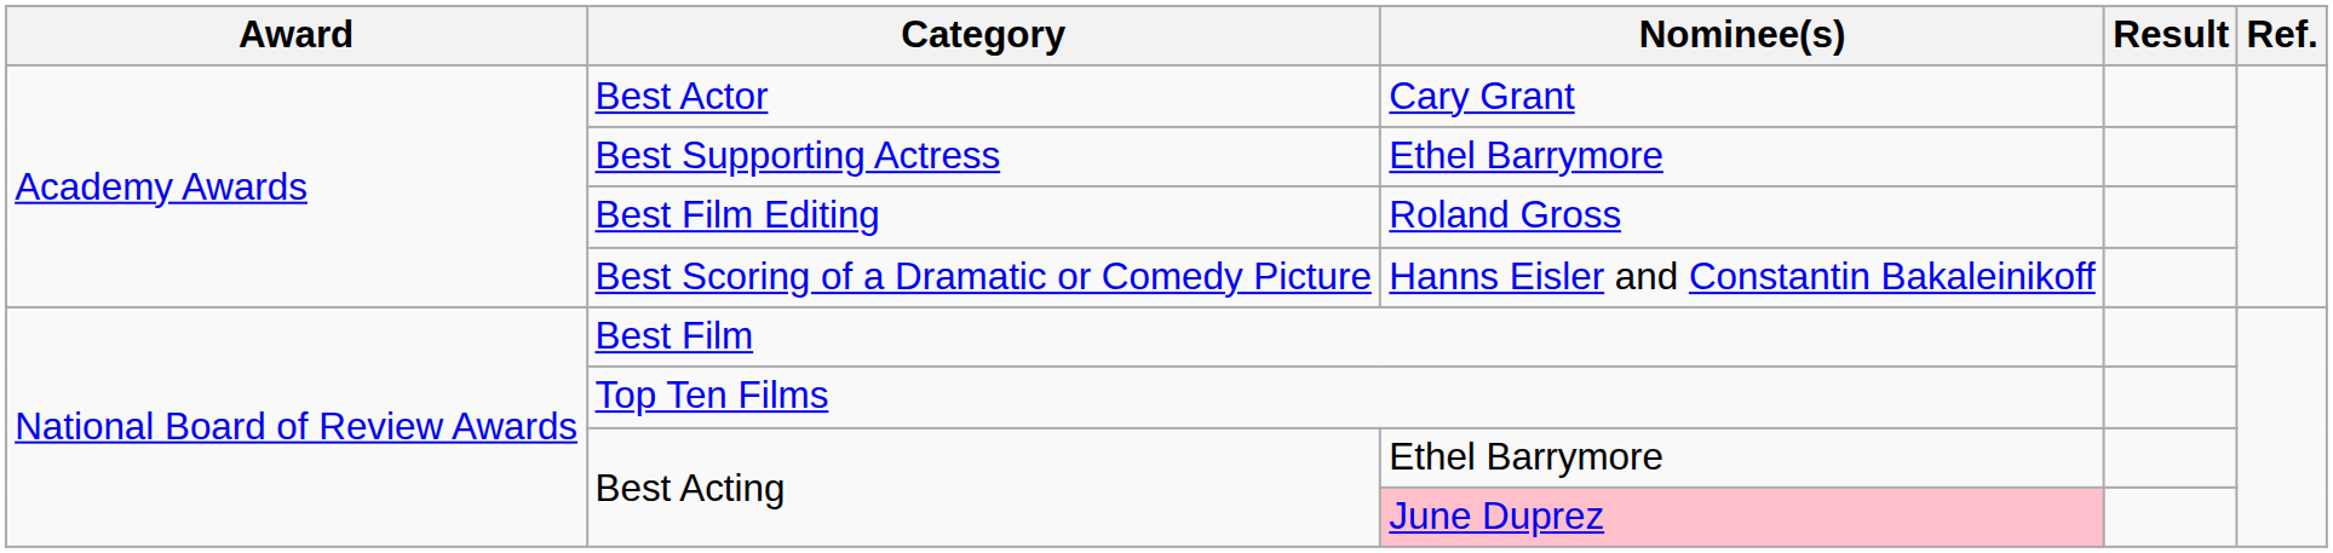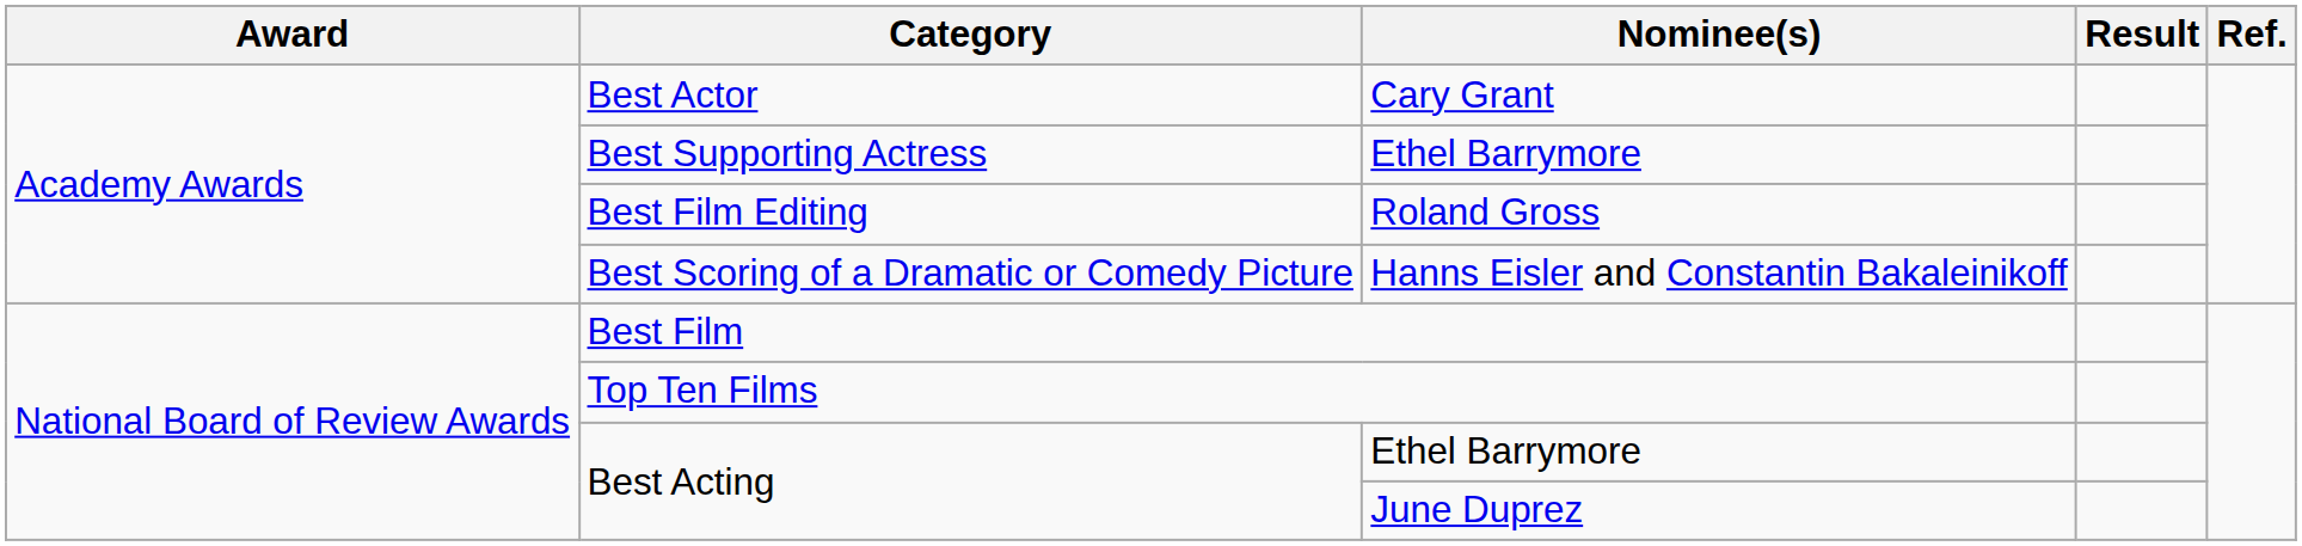 <table class="wikitable plainrowheaders">
 <tr>
 <th>Award</th>
 <th>Category</th>
 <th>Nominee(s)</th>
 <th>Result</th>
 <th>Ref.</th>
 </tr>
 <tr>
 <td rowspan="4"><a href='#'>Academy Awards</a></td>
 <td><a href='#'>Best Actor</a></td>
 <td><a href='#'>Cary Grant</a></td>
 <td></td>
 <td align="center" rowspan="4"></td>
 </tr>
 <tr>
 <td><a href='#'>Best Supporting Actress</a></td>
 <td><a href='#'>Ethel Barrymore</a></td>
 <td></td>
 </tr>
 <tr>
 <td><a href='#'>Best Film Editing</a></td>
 <td><a href='#'>Roland Gross</a></td>
 <td></td>
 </tr>
 <tr>
 <td><a href='#'>Best Scoring of a Dramatic or Comedy Picture</a></td>
 <td><a href='#'>Hanns Eisler</a> and <a href='#'>Constantin Bakaleinikoff</a></td>
 <td></td>
 </tr>
 <tr>
 <td rowspan="4"><a href='#'>National Board of Review Awards</a></td>
 <td colspan="2"><a href='#'>Best Film</a></td>
 <td></td>
 <td align="center" rowspan="4"></td>
 </tr>
 <tr>
 <td colspan="2"><a href='#'>Top Ten Films</a></td>
 <td></td>
 </tr>
 <tr>
 <td rowspan="2">Best Acting</td>
 <td>Ethel Barrymore</td>
 <td></td>
 </tr>
 <tr>
-<td style="background: pink;"><a href='#'>June Duprez</a></td>
+<td><a href='#'>June Duprez</a></td>
 <td></td>
 </tr>
 </table>
